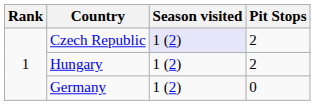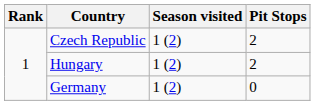 <table class="wikitable">
 <tr>
 <th>Rank</th>
 <th>Country</th>
 <th>Season visited</th>
 <th>Pit Stops</th>
 </tr>
 <tr>
 <td style="text-align:center;" rowspan="3">1</td>
 <td><a href='#'>Czech Republic</a></td>
-<td style="background: lavender;">1 (<a href='#'>2</a>)</td>
+<td>1 (<a href='#'>2</a>)</td>
 <td>2</td>
 </tr>
 <tr>
 <td><a href='#'>Hungary</a></td>
 <td>1 (<a href='#'>2</a>)</td>
 <td>2</td>
 </tr>
 <tr>
 <td><a href='#'>Germany</a></td>
 <td>1 (<a href='#'>2</a>)</td>
 <td>0</td>
 </tr>
 </table>
